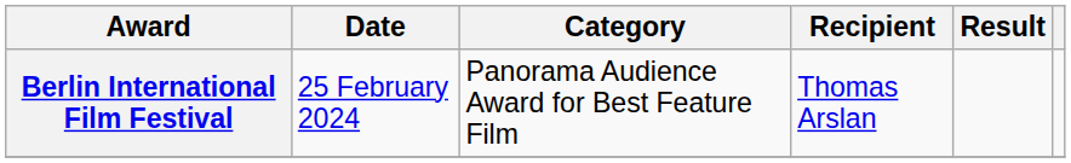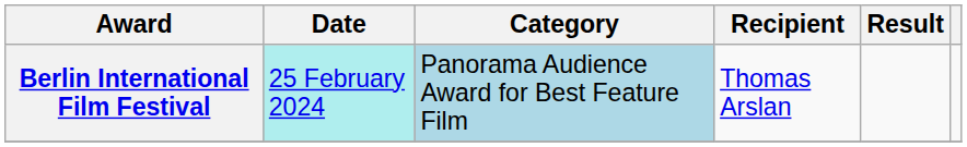 <table class="wikitable sortable plainrowheaders">
 <tr>
 <th>Award</th>
 <th>Date</th>
 <th>Category</th>
 <th>Recipient</th>
 <th>Result</th>
 <th></th>
 </tr>
 <tr>
 <th scope="row"><a href='#'>Berlin International Film Festival</a></th>
-<td><a href='#'>25 February 2024</a></td>
-<td>Panorama Audience Award for Best Feature Film</td>
+<td style="background: paleturquoise;"><a href='#'>25 February 2024</a></td>
+<td style="background: lightblue;">Panorama Audience Award for Best Feature Film</td>
 <td><a href='#'>Thomas Arslan</a></td>
 <td></td>
 <td align="center" rowspan="1"></td>
 </tr>
 <tr>
 </tr>
 </table>
